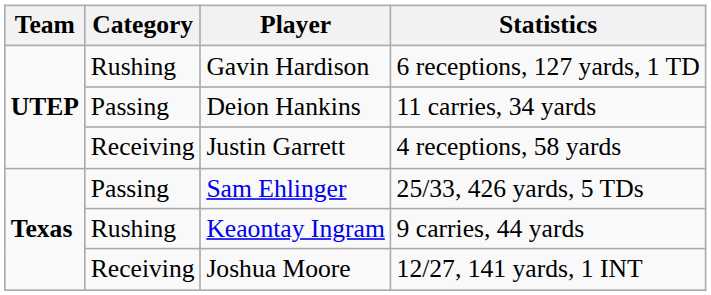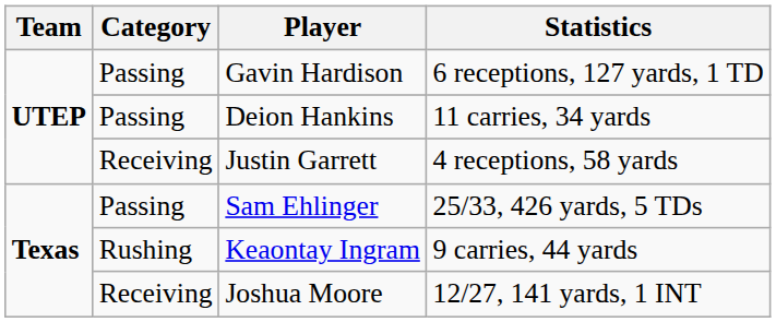 <table class="wikitable" style="float: left;">
 <tr>
 <th>Team</th>
 <th>Category</th>
 <th>Player</th>
 <th>Statistics</th>
 </tr>
 <tr>
 <td rowspan=3><strong>UTEP</strong></td>
-<td>Rushing</td>
+<td>Passing</td>
 <td>Gavin Hardison</td>
 <td>6 receptions, 127 yards, 1 TD</td>
 </tr>
 <tr>
 <td>Passing</td>
 <td>Deion Hankins</td>
 <td>11 carries, 34 yards</td>
 </tr>
 <tr>
 <td>Receiving</td>
 <td>Justin Garrett</td>
 <td>4 receptions, 58 yards</td>
 </tr>
 <tr>
 <td rowspan=3><strong>Texas</strong></td>
 <td>Passing</td>
 <td><a href='#'>Sam Ehlinger</a></td>
 <td>25/33, 426 yards, 5 TDs</td>
 </tr>
 <tr>
 <td>Rushing</td>
 <td><a href='#'>Keaontay Ingram</a></td>
 <td>9 carries, 44 yards</td>
 </tr>
 <tr>
 <td>Receiving</td>
 <td>Joshua Moore</td>
 <td>12/27, 141 yards, 1 INT</td>
 </tr>
 </table>
